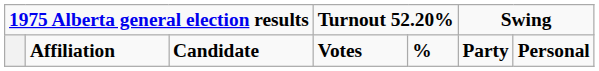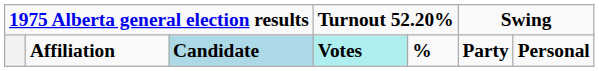 <table class="wikitable">
 <tr>
 <td colspan="3" align=center><strong><a href='#'>1975 Alberta general election</a> results</strong></td>
 <td colspan="2"><strong>Turnout 52.20%</strong></td>
 <td colspan="2" align=center><strong>Swing</strong></td>
 </tr>
 <tr>
 <th style="width: 10px;"></th>
 <td><strong>Affiliation</strong></td>
-<td><strong>Candidate</strong></td>
-<td><strong>Votes</strong></td>
+<td style="background: lightblue;"><strong>Candidate</strong></td>
+<td style="background: paleturquoise;"><strong>Votes</strong></td>
 <td><strong>%</strong></td>
 <td><strong>Party</strong></td>
 <td><strong>Personal</strong><br>       </td>
 </tr>
 </table>
